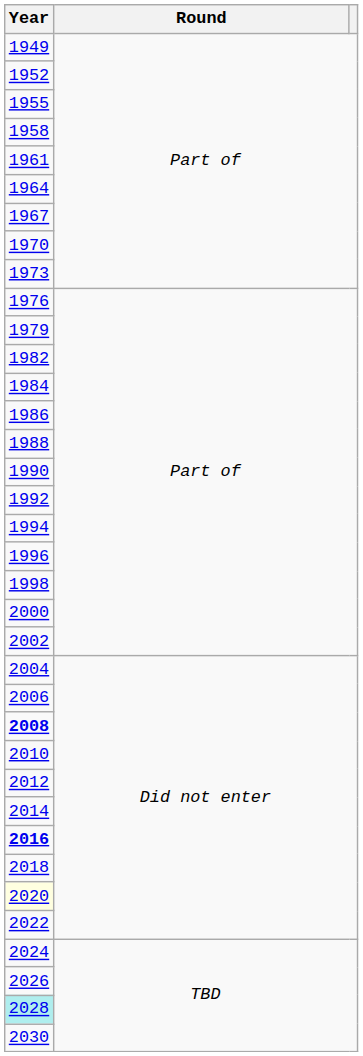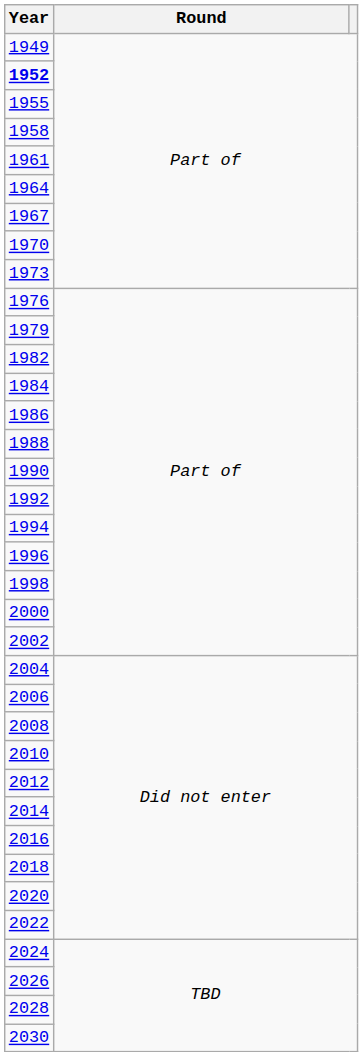 <table class="wikitable" style="text-align: center; font-size:90%">
 <tr>
 <th>Year</th>
 <th style="width:200px">Round</th>
 <th></th>
 </tr>
 <tr>
 <td><a href='#'>1949</a></td>
 <td colspan="2" rowspan="9"><em>Part of </em></td>
 </tr>
 <tr>
-<td><a href='#'>1952</a></td>
+<td><strong><a href='#'>1952</a></strong></td>
 </tr>
 <tr>
 <td><a href='#'>1955</a></td>
 </tr>
 <tr>
 <td><a href='#'>1958</a></td>
 </tr>
 <tr>
 <td><a href='#'>1961</a></td>
 </tr>
 <tr>
 <td><a href='#'>1964</a></td>
 </tr>
 <tr>
 <td><a href='#'>1967</a></td>
 </tr>
 <tr>
 <td><a href='#'>1970</a></td>
 </tr>
 <tr>
 <td><a href='#'>1973</a></td>
 </tr>
 <tr>
 <td><a href='#'>1976</a></td>
 <td colspan="2" rowspan="13"><em>Part of </em></td>
 </tr>
 <tr>
 <td><a href='#'>1979</a></td>
 </tr>
 <tr>
 <td><a href='#'>1982</a></td>
 </tr>
 <tr>
 <td><a href='#'>1984</a></td>
 </tr>
 <tr>
 <td><a href='#'>1986</a></td>
 </tr>
 <tr>
 <td><a href='#'>1988</a></td>
 </tr>
 <tr>
 <td><a href='#'>1990</a></td>
 </tr>
 <tr>
 <td><a href='#'>1992</a></td>
 </tr>
 <tr>
 <td><a href='#'>1994</a></td>
 </tr>
 <tr>
 <td><a href='#'>1996</a></td>
 </tr>
 <tr>
 <td><a href='#'>1998</a></td>
 </tr>
 <tr>
 <td><a href='#'>2000</a></td>
 </tr>
 <tr>
 <td><a href='#'>2002</a></td>
 </tr>
 <tr>
 <td><a href='#'>2004</a></td>
 <td colspan="2" rowspan="10"><em>Did not enter</em></td>
 </tr>
 <tr>
 <td><a href='#'>2006</a></td>
 </tr>
 <tr>
-<td><strong><a href='#'>2008</a></strong></td>
+<td><a href='#'>2008</a></td>
 </tr>
 <tr>
 <td><a href='#'>2010</a></td>
 </tr>
 <tr>
 <td><a href='#'>2012</a></td>
 </tr>
 <tr>
 <td><a href='#'>2014</a></td>
 </tr>
 <tr>
-<td><strong><a href='#'>2016</a></strong></td>
+<td><a href='#'>2016</a></td>
 </tr>
 <tr>
 <td><a href='#'>2018</a></td>
 </tr>
 <tr>
-<td style="background: lightyellow;"><a href='#'>2020</a></td>
+<td><a href='#'>2020</a></td>
 </tr>
 <tr>
 <td><a href='#'>2022</a></td>
 </tr>
 <tr>
 <td><a href='#'>2024</a></td>
 <td colspan="2" rowspan="4"><em>TBD</em></td>
 </tr>
 <tr>
 <td><a href='#'>2026</a></td>
 </tr>
 <tr>
-<td style="background: paleturquoise;"><a href='#'>2028</a></td>
+<td><a href='#'>2028</a></td>
 </tr>
 <tr>
 <td><a href='#'>2030</a></td>
 </tr>
 </table>
